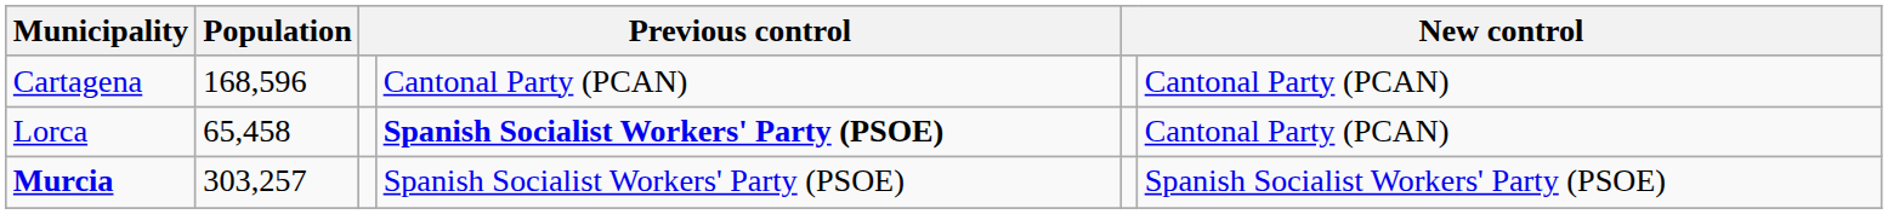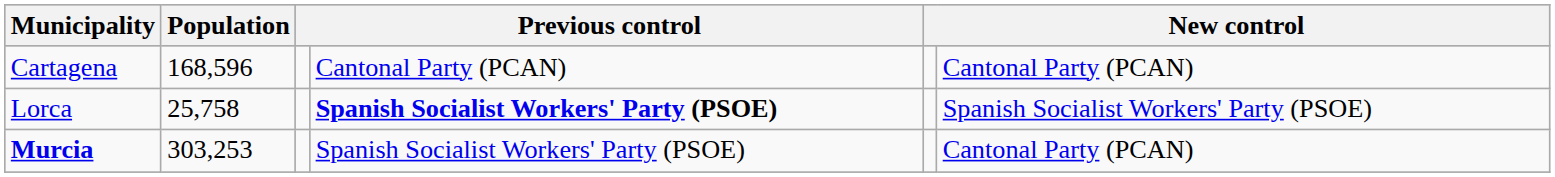 <table class="wikitable sortable">
 <tr>
 <th>Municipality</th>
 <th>Population</th>
 <th colspan="2" style="width:375px;">Previous control</th>
 <th colspan="2" style="width:375px;">New control</th>
 </tr>
 <tr>
 <td><a href='#'>Cartagena</a></td>
 <td>168,596</td>
 <td width="1" style="color:inherit;background:"></td>
 <td><a href='#'>Cantonal Party</a> (PCAN)</td>
 <td width="1" style="color:inherit;background:"></td>
 <td><a href='#'>Cantonal Party</a> (PCAN)</td>
 </tr>
 <tr>
 <td><a href='#'>Lorca</a></td>
-<td>65,458</td>
+<td>25,758</td>
 <td style="color:inherit;background:"></td>
 <td><strong><a href='#'>Spanish Socialist Workers' Party</a> (PSOE)</strong></td>
 <td style="color:inherit;background:"></td>
-<td><a href='#'>Cantonal Party</a> (PCAN)</td>
+<td><a href='#'>Spanish Socialist Workers' Party</a> (PSOE)</td>
 </tr>
 <tr>
 <td><strong><a href='#'>Murcia</a></strong></td>
-<td>303,257</td>
+<td>303,253</td>
 <td style="color:inherit;background:"></td>
 <td><a href='#'>Spanish Socialist Workers' Party</a> (PSOE)</td>
 <td style="color:inherit;background:"></td>
-<td><a href='#'>Spanish Socialist Workers' Party</a> (PSOE)</td>
+<td><a href='#'>Cantonal Party</a> (PCAN)</td>
 </tr>
 </table>
